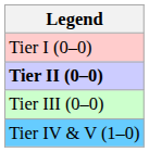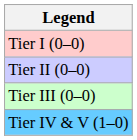 <table class="wikitable sortable">
 <tr>
 <th>Legend</th>
 </tr>
 <tr>
 <td style="background:#fcc;">Tier I (0–0)</td>
 </tr>
 <tr>
-<td style="background:#ccf;"><strong>Tier II (0–0)</strong></td>
+<td style="background:#ccf;">Tier II (0–0)</td>
 </tr>
 <tr>
 <td style="background:#cfc;">Tier III (0–0)</td>
 </tr>
 <tr>
 <td style="background:#6cf;">Tier IV & V (1–0)</td>
 </tr>
 </table>
